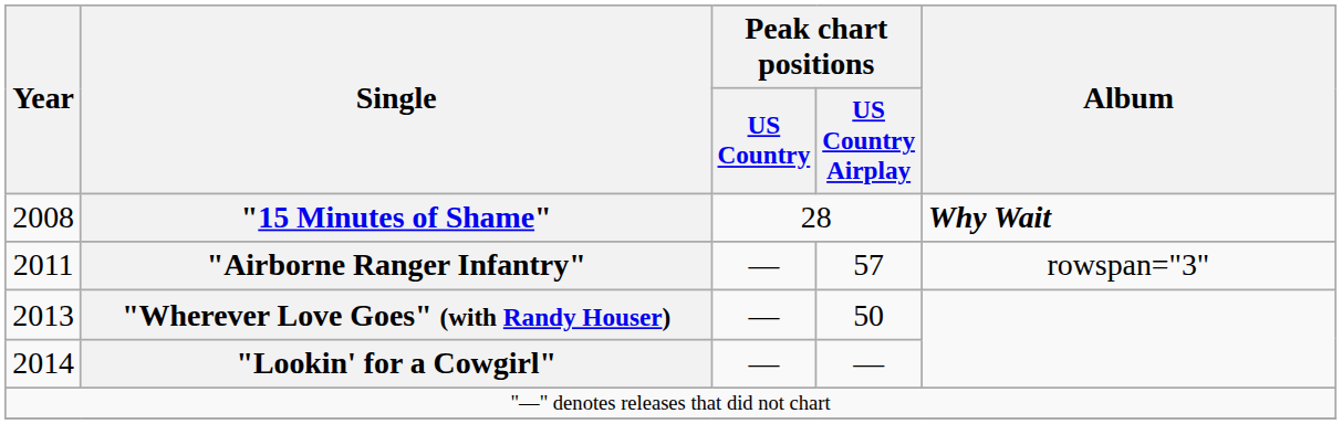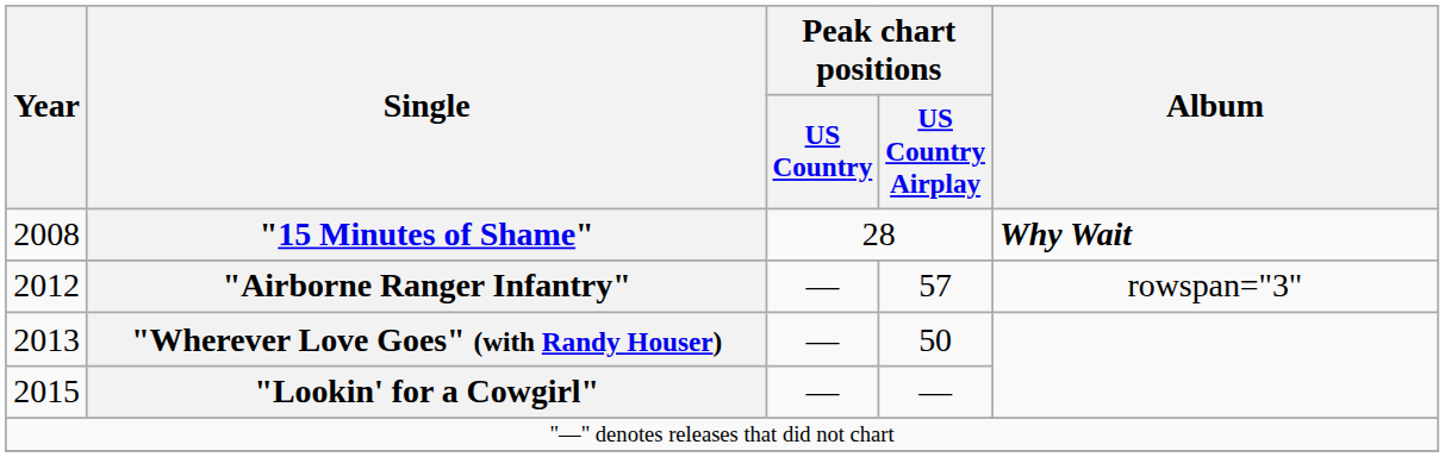 <table class="wikitable plainrowheaders" style="text-align:center;">
 <tr>
 <th rowspan="2">Year</th>
 <th rowspan="2" style="width:20em;">Single</th>
 <th colspan="2">Peak chart<br>positions</th>
 <th rowspan="2" style="width:13em;">Album</th>
 </tr>
 <tr style="font-size:smaller;">
 <th style="width:45px;"><a href='#'>US Country</a><br></th>
 <th style="width:45px;"><a href='#'>US Country Airplay</a><br></th>
 </tr>
 <tr>
 <td>2008</td>
 <th scope="row">"<a href='#'>15 Minutes of Shame</a>"</th>
 <td colspan=2>28</td>
 <td style="text-align:left;"><strong><em>Why Wait</em></strong></td>
 </tr>
 <tr>
-<td>2011</td>
+<td>2012</td>
 <th scope="row">"Airborne Ranger Infantry"</th>
 <td>—</td>
 <td>57</td>
 <td>rowspan="3" </td>
 </tr>
 <tr>
 <td>2013</td>
 <th scope="row">"Wherever Love Goes" <small>(with <a href='#'>Randy Houser</a>)</small></th>
 <td>—</td>
 <td>50</td>
 </tr>
 <tr>
-<td>2014</td>
+<td>2015</td>
 <th scope="row">"Lookin' for a Cowgirl"</th>
 <td>—</td>
 <td>—</td>
 </tr>
 <tr>
 <td colspan="5" style="font-size:8pt">"—" denotes releases that did not chart</td>
 </tr>
 <tr>
 </tr>
 </table>
